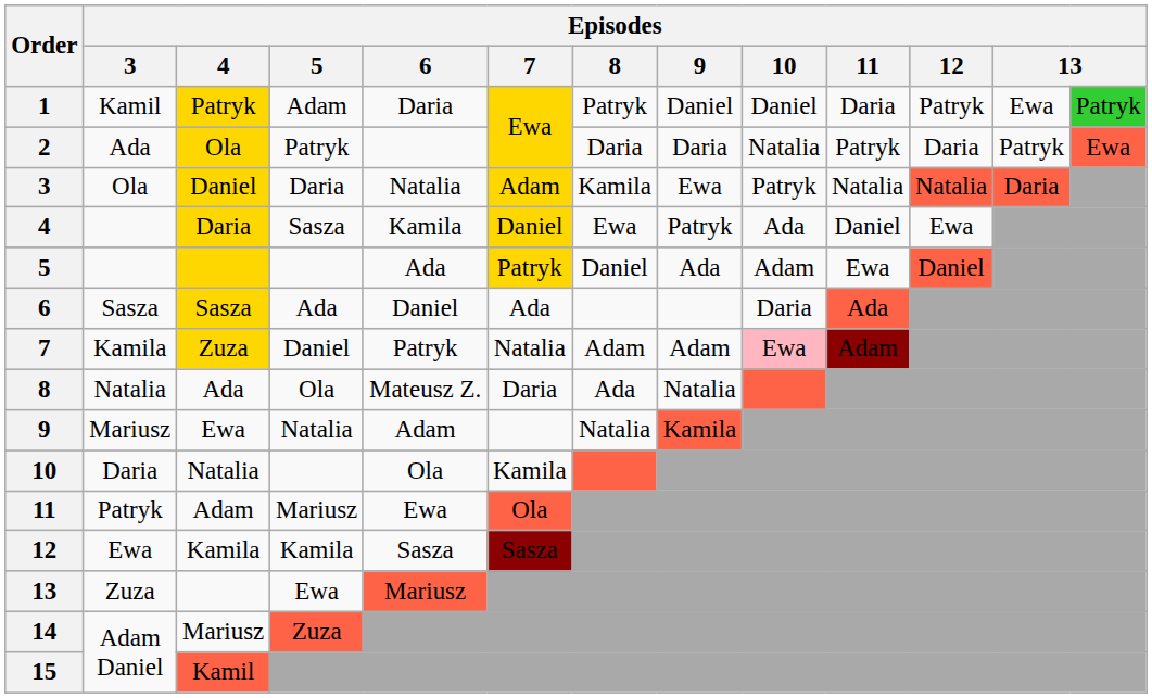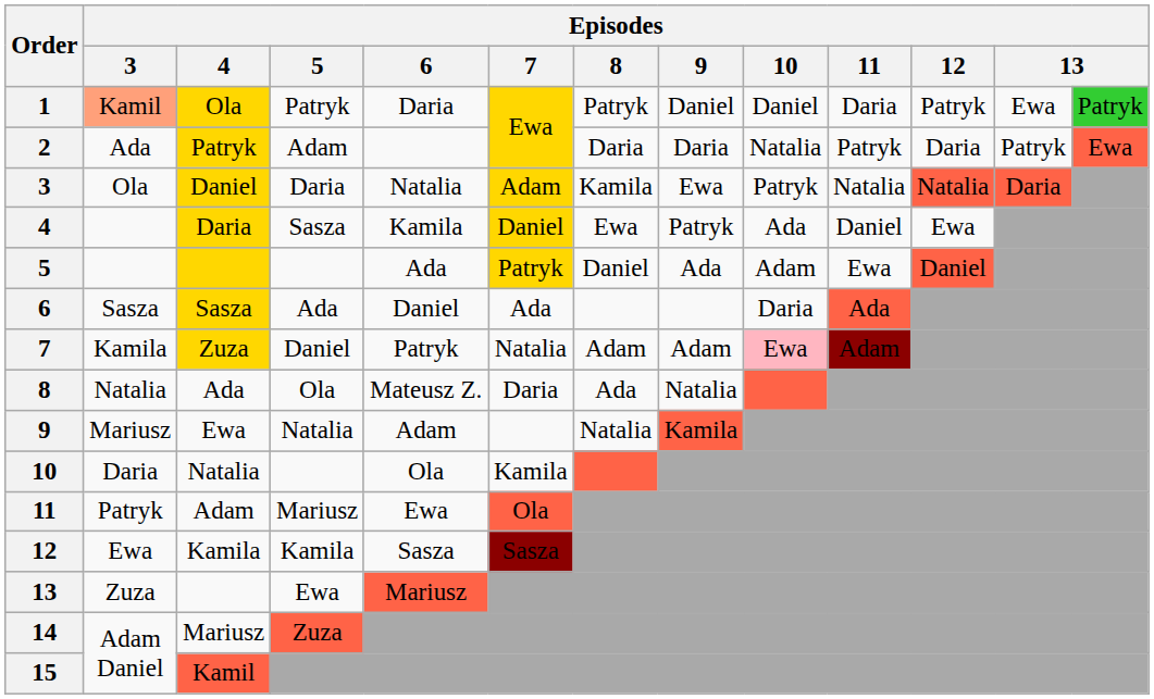 <table class="wikitable" style="text-align:center; font-size:92%">
 <tr>
 <th rowspan=2>Order</th>
 <th colspan=14>Episodes</th>
 </tr>
 <tr>
 <th>3</th>
 <th>4</th>
 <th>5</th>
 <th>6</th>
 <th>7</th>
 <th>8</th>
 <th>9</th>
 <th>10</th>
 <th>11</th>
 <th>12</th>
 <th colspan="3">13</th>
 </tr>
 <tr>
 <th>1</th>
-<td>Kamil</td>
-<td style="background:gold">Patryk</td>
-<td>Adam</td>
+<td style="background: lightsalmon;">Kamil</td>
+<td style="background:gold">Ola</td>
+<td>Patryk</td>
 <td>Daria</td>
 <td rowspan="2" style="background:gold">Ewa<br></td>
 <td>Patryk</td>
 <td>Daniel</td>
 <td>Daniel</td>
 <td>Daria</td>
 <td>Patryk</td>
 <td>Ewa</td>
 <td style="background:limegreen">Patryk</td>
 </tr>
 <tr>
 <th>2</th>
 <td>Ada</td>
-<td style="background:gold">Ola</td>
-<td>Patryk</td>
+<td style="background:gold">Patryk</td>
+<td>Adam</td>
 <td></td>
 <td>Daria</td>
 <td>Daria</td>
 <td>Natalia</td>
 <td>Patryk</td>
 <td>Daria</td>
 <td>Patryk</td>
 <td style="background:tomato">Ewa</td>
 </tr>
 <tr>
 <th>3</th>
 <td>Ola</td>
 <td style="background:gold">Daniel</td>
 <td>Daria</td>
 <td>Natalia</td>
 <td style="background:gold">Adam</td>
 <td>Kamila</td>
 <td>Ewa</td>
 <td>Patryk</td>
 <td>Natalia</td>
 <td style="background:tomato">Natalia</td>
 <td style="background:tomato">Daria</td>
 <td style="background:darkgray;" colspan="12"></td>
 </tr>
 <tr>
 <th>4</th>
 <td></td>
 <td style="background:gold">Daria</td>
 <td>Sasza</td>
 <td>Kamila</td>
 <td style="background:gold">Daniel</td>
 <td>Ewa</td>
 <td>Patryk</td>
 <td>Ada</td>
 <td>Daniel</td>
 <td>Ewa</td>
 <td style="background:darkgray;" colspan="12"></td>
 </tr>
 <tr>
 <th>5</th>
 <td></td>
 <td style="background:gold"></td>
 <td></td>
 <td>Ada</td>
 <td style="background:gold">Patryk</td>
 <td>Daniel</td>
 <td>Ada</td>
 <td>Adam</td>
 <td>Ewa</td>
 <td style="background:tomato">Daniel</td>
 <td style="background:darkgray;" colspan="12"></td>
 </tr>
 <tr>
 <th>6</th>
 <td>Sasza</td>
 <td style="background:gold">Sasza</td>
 <td>Ada</td>
 <td>Daniel</td>
 <td>Ada</td>
 <td></td>
 <td></td>
 <td>Daria</td>
 <td style="background:tomato">Ada</td>
 <td style="background:darkgray;" colspan="12"></td>
 </tr>
 <tr>
 <th>7</th>
 <td>Kamila</td>
 <td style="background:gold">Zuza</td>
 <td>Daniel</td>
 <td>Patryk</td>
 <td>Natalia</td>
 <td>Adam</td>
 <td>Adam</td>
 <td style="background:lightpink">Ewa</td>
 <td style="background:darkred"><span>Adam</span></td>
 <td style="background:darkgray;" colspan="12"></td>
 </tr>
 <tr>
 <th>8</th>
 <td>Natalia</td>
 <td>Ada</td>
 <td>Ola</td>
 <td>Mateusz Z.</td>
 <td>Daria</td>
 <td>Ada</td>
 <td>Natalia</td>
 <td style="background:tomato"></td>
 <td style="background:darkgray;" colspan="12"></td>
 </tr>
 <tr>
 <th>9</th>
 <td>Mariusz</td>
 <td>Ewa</td>
 <td>Natalia</td>
 <td>Adam</td>
 <td></td>
 <td>Natalia</td>
 <td style="background:tomato">Kamila</td>
 <td style="background:darkgray;" colspan="12"></td>
 </tr>
 <tr>
 <th>10</th>
 <td>Daria</td>
 <td>Natalia</td>
 <td></td>
 <td>Ola</td>
 <td>Kamila</td>
 <td style="background:tomato"></td>
 <td style="background:darkgray;" colspan="12"></td>
 </tr>
 <tr>
 <th>11</th>
 <td>Patryk</td>
 <td>Adam</td>
 <td>Mariusz</td>
 <td>Ewa</td>
 <td style="background:tomato">Ola</td>
 <td style="background:darkgray;" colspan="12"></td>
 </tr>
 <tr>
 <th>12</th>
 <td>Ewa</td>
 <td>Kamila</td>
 <td>Kamila</td>
 <td>Sasza</td>
 <td style="background:darkred"><span>Sasza</span></td>
 <td style="background:darkgray;" colspan="12"></td>
 </tr>
 <tr>
 <th>13</th>
 <td>Zuza</td>
 <td></td>
 <td>Ewa</td>
 <td style="background:tomato">Mariusz</td>
 <td style="background:darkgray;" colspan="12"></td>
 </tr>
 <tr>
 <th>14</th>
 <td rowspan="2">Adam<br>Daniel</td>
 <td>Mariusz</td>
 <td style="background:tomato">Zuza</td>
 <td style="background:darkgray;" colspan="12"></td>
 </tr>
 <tr>
 <th>15</th>
 <td style="background:tomato">Kamil</td>
 <td style="background:darkgray;" colspan="12"></td>
 </tr>
 </table>
